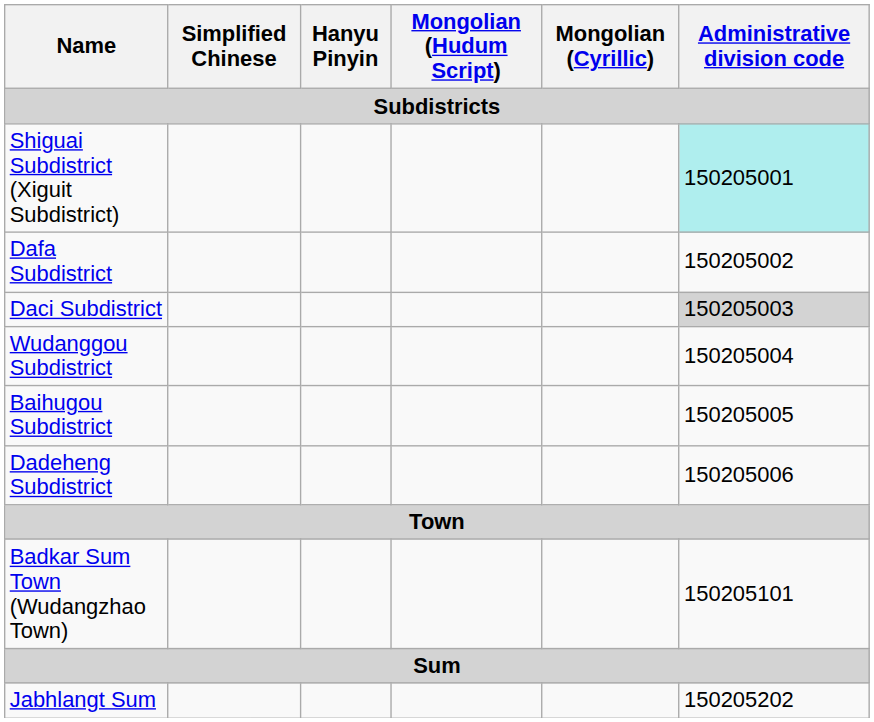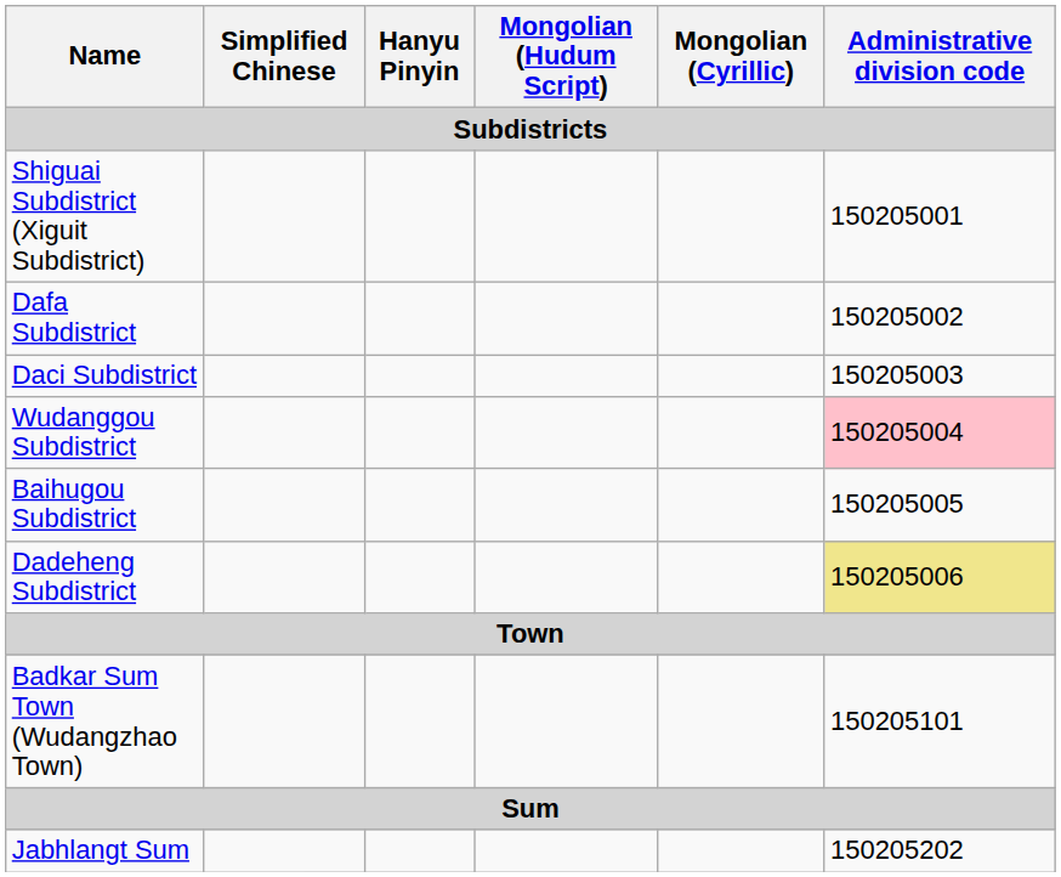 <table class="wikitable" align="center" style="width:50%; border="1">
 <tr>
 <th>Name</th>
 <th>Simplified Chinese</th>
 <th>Hanyu Pinyin</th>
 <th><a href='#'>Mongolian</a> (<a href='#'>Hudum Script</a>)</th>
 <th>Mongolian (<a href='#'>Cyrillic</a>)</th>
 <th><a href='#'>Administrative division code</a></th>
 </tr>
 <tr>
 <td colspan="6"  style="text-align:center; background:#d3d3d3;"><strong>Subdistricts</strong></td>
 </tr>
 <tr --------->
 <td><a href='#'>Shiguai Subdistrict</a><br>(Xiguit Subdistrict)</td>
 <td></td>
 <td></td>
 <td></td>
 <td></td>
-<td style="background: paleturquoise;">150205001</td>
+<td>150205001</td>
 </tr>
 <tr>
 <td><a href='#'>Dafa Subdistrict</a></td>
 <td></td>
 <td></td>
 <td></td>
 <td></td>
 <td>150205002</td>
 </tr>
 <tr>
 <td><a href='#'>Daci Subdistrict</a></td>
 <td></td>
 <td></td>
 <td></td>
 <td></td>
-<td style="background: lightgrey;">150205003</td>
+<td>150205003</td>
 </tr>
 <tr>
 <td><a href='#'>Wudanggou Subdistrict</a></td>
 <td></td>
 <td></td>
 <td></td>
 <td></td>
-<td>150205004</td>
+<td style="background: pink;">150205004</td>
 </tr>
 <tr>
 <td><a href='#'>Baihugou Subdistrict</a></td>
 <td></td>
 <td></td>
 <td></td>
 <td></td>
 <td>150205005</td>
 </tr>
 <tr>
 <td><a href='#'>Dadeheng Subdistrict</a></td>
 <td></td>
 <td></td>
 <td></td>
 <td></td>
-<td>150205006</td>
+<td style="background: khaki;">150205006</td>
 </tr>
 <tr>
 <td colspan="6"  style="text-align:center; background:#d3d3d3;"><strong>Town</strong></td>
 </tr>
 <tr --------->
 <td><a href='#'>Badkar Sum Town</a><br>(Wudangzhao Town)</td>
 <td></td>
 <td></td>
 <td></td>
 <td></td>
 <td>150205101</td>
 </tr>
 <tr>
 <td colspan="6"  style="text-align:center; background:#d3d3d3;"><strong>Sum</strong></td>
 </tr>
 <tr --------->
 <td><a href='#'>Jabhlangt Sum</a></td>
 <td></td>
 <td></td>
 <td></td>
 <td></td>
 <td>150205202</td>
 </tr>
 <tr>
 </tr>
 </table>
